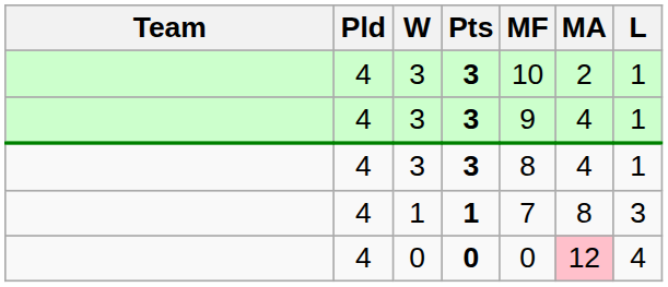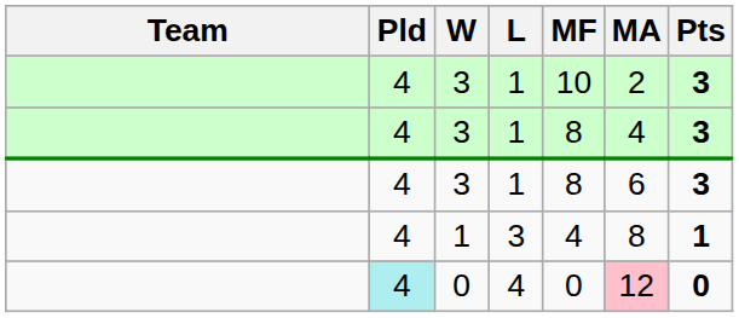 <table class=wikitable style="text-align:center">
 <tr>
 <th width=175>Team</th>
 <th width=20>Pld</th>
 <th width=20>W</th>
-<th width=20>Pts</th>
+<th width=20>L</th>
 <th width=20>MF</th>
 <th width=20>MA</th>
-<th width=20>L</th>
+<th width=20>Pts</th>
 </tr>
 <tr bgcolor=ccffcc>
 <td style="text-align:left"></td>
 <td>4</td>
 <td>3</td>
-<td><strong>3</strong></td>
+<td>1</td>
 <td>10</td>
 <td>2</td>
-<td>1</td>
+<td><strong>3</strong></td>
 </tr>
 <tr bgcolor=ccffcc style="border-bottom:2px solid green;">
 <td style="text-align:left"></td>
 <td>4</td>
 <td>3</td>
+<td>1</td>
+<td>8</td>
+<td>4</td>
 <td><strong>3</strong></td>
-<td>9</td>
-<td>4</td>
-<td>1</td>
 </tr>
 <tr>
 <td style="text-align:left"></td>
 <td>4</td>
 <td>3</td>
+<td>1</td>
+<td>8</td>
+<td>6</td>
 <td><strong>3</strong></td>
-<td>8</td>
-<td>4</td>
-<td>1</td>
 </tr>
 <tr>
 <td style="text-align:left"></td>
 <td>4</td>
 <td>1</td>
+<td>3</td>
+<td>4</td>
+<td>8</td>
 <td><strong>1</strong></td>
-<td>7</td>
-<td>8</td>
-<td>3</td>
 </tr>
 <tr>
 <td style="text-align:left"></td>
+<td style="background: paleturquoise;">4</td>
+<td>0</td>
 <td>4</td>
 <td>0</td>
+<td style="background: pink;">12</td>
 <td><strong>0</strong></td>
-<td>0</td>
-<td style="background: pink;">12</td>
-<td>4</td>
 </tr>
 </table>
